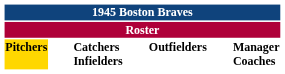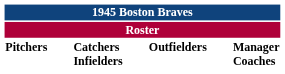 <table class="toccolours" style="font-size: 95%;">
 <tr>
 <th colspan="10" style="background-color: #0f437c; color: white; text-align: center;">1945 Boston Braves</th>
 </tr>
 <tr>
 <td colspan="10" style="background-color:#af0039; color: white; text-align: center;"><strong>Roster</strong></td>
 </tr>
 <tr>
-<td valign="top" style="background: gold;"><strong>Pitchers</strong><br>                    </td>
+<td valign="top"><strong>Pitchers</strong><br>                    </td>
 <td width="25px"></td>
 <td valign="top"><strong>Catchers</strong><br>    <strong>Infielders</strong>          </td>
 <td width="25px"></td>
 <td valign="top"><strong>Outfielders</strong><br>      </td>
 <td width="25px"></td>
 <td valign="top"><strong>Manager</strong><br>  <strong>Coaches</strong>  </td>
 </tr>
 </table>
